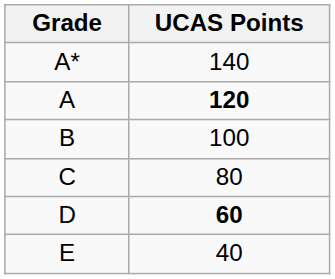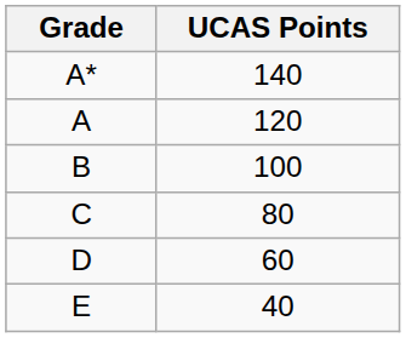 <table class="wikitable" border="2" style="text-align:center; margin-left:1em;">
 <tr>
 <th width="75">Grade</th>
 <th width="125">UCAS Points</th>
 </tr>
 <tr>
 <td align="center">A*</td>
 <td>140</td>
 </tr>
 <tr>
 <td align="center">A</td>
-<td><strong>120</strong></td>
+<td>120</td>
 </tr>
 <tr>
 <td align="center">B</td>
 <td>100</td>
 </tr>
 <tr>
 <td align="center">C</td>
 <td>80</td>
 </tr>
 <tr>
 <td align="center">D</td>
-<td><strong>60</strong></td>
+<td>60</td>
 </tr>
 <tr>
 <td align="center">E</td>
 <td>40</td>
 </tr>
 </table>
